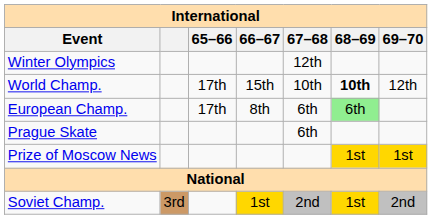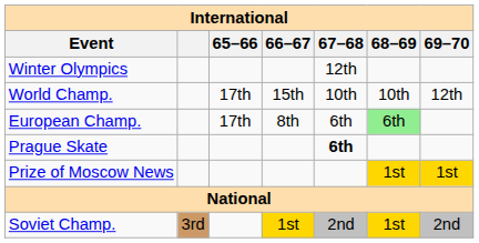 <table class="wikitable" style="text-align:center">
 <tr>
 <th style="background-color: #ffdead; " colspan=7 align=center>International</th>
 </tr>
 <tr>
 <th>Event</th>
 <th></th>
 <th>65–66</th>
 <th>66–67</th>
 <th>67–68</th>
 <th>68–69</th>
 <th>69–70</th>
 </tr>
 <tr>
 <td align=left><a href='#'>Winter Olympics</a></td>
 <td></td>
 <td></td>
 <td></td>
 <td>12th</td>
 <td></td>
 <td></td>
 </tr>
 <tr>
 <td align=left><a href='#'>World Champ.</a></td>
 <td></td>
 <td>17th</td>
 <td>15th</td>
 <td>10th</td>
-<td><strong>10th</strong></td>
+<td>10th</td>
 <td>12th</td>
 </tr>
 <tr>
 <td align=left><a href='#'>European Champ.</a></td>
 <td></td>
 <td>17th</td>
 <td>8th</td>
 <td>6th</td>
 <td style="background: lightgreen;">6th</td>
 <td></td>
 </tr>
 <tr>
 <td align=left><a href='#'>Prague Skate</a></td>
 <td></td>
 <td></td>
 <td></td>
-<td>6th</td>
+<td><strong>6th</strong></td>
 <td></td>
 <td></td>
 </tr>
 <tr>
 <td align=left><a href='#'>Prize of Moscow News</a></td>
 <td></td>
 <td></td>
 <td></td>
 <td></td>
 <td bgcolor=gold>1st</td>
 <td bgcolor=gold>1st</td>
 </tr>
 <tr>
 <th style="background-color: #ffdead; " colspan=7 align=center>National</th>
 </tr>
 <tr>
 <td align=left><a href='#'>Soviet Champ.</a></td>
 <td bgcolor=cc9966>3rd</td>
 <td></td>
 <td bgcolor=gold>1st</td>
 <td bgcolor=silver>2nd</td>
 <td bgcolor=gold>1st</td>
 <td bgcolor=silver>2nd</td>
 </tr>
 </table>
